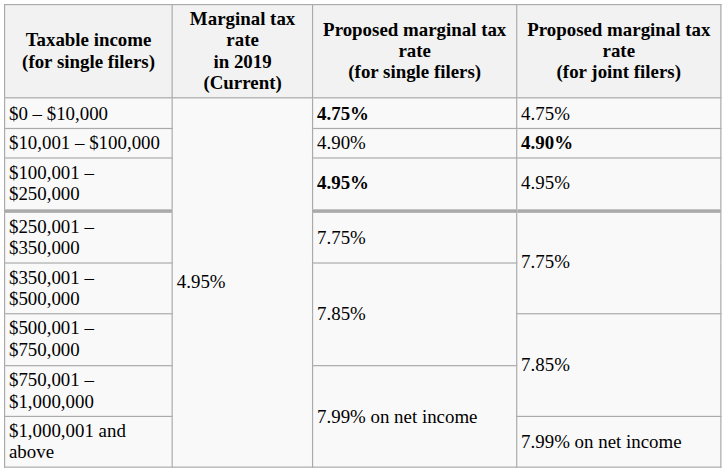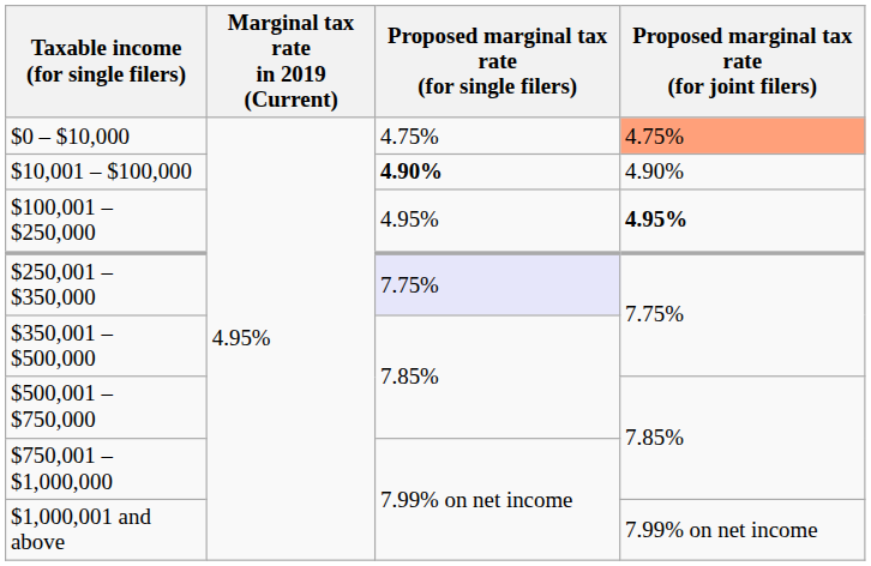 <table class="wikitable">
 <tr>
 <th>Taxable income<br>(for single filers)</th>
 <th>Marginal tax rate<br>in 2019 (Current)</th>
 <th>Proposed marginal tax rate<br>(for single filers)</th>
 <th>Proposed marginal tax rate<br>(for joint filers)</th>
 </tr>
 <tr>
 <td>$0 – $10,000</td>
 <td rowspan="8">4.95%</td>
-<td><strong>4.75%</strong></td>
 <td>4.75%</td>
+<td style="background: lightsalmon;">4.75%</td>
 </tr>
 <tr>
 <td>$10,001 – $100,000</td>
+<td><strong>4.90%</strong></td>
 <td>4.90%</td>
-<td><strong>4.90%</strong></td>
 </tr>
 <tr>
 <td style="border-style: solid black; border-width: 1px 1px 3px 1px">$100,001 – $250,000</td>
+<td style="border-style: solid black; border-width: 1px 1px 3px 1px">4.95%</td>
 <td style="border-style: solid black; border-width: 1px 1px 3px 1px"><strong>4.95%</strong></td>
-<td style="border-style: solid black; border-width: 1px 1px 3px 1px">4.95%</td>
 </tr>
 <tr>
 <td>$250,001 – $350,000</td>
-<td>7.75%</td>
+<td style="background: lavender;">7.75%</td>
 <td rowspan="2">7.75%</td>
 </tr>
 <tr>
 <td>$350,001 – $500,000</td>
 <td rowspan="2">7.85%</td>
 </tr>
 <tr>
 <td>$500,001 – $750,000</td>
 <td rowspan="2">7.85%</td>
 </tr>
 <tr>
 <td>$750,001 – $1,000,000</td>
 <td rowspan="2">7.99% on net income</td>
 </tr>
 <tr>
 <td>$1,000,001 and above</td>
 <td>7.99% on net income</td>
 </tr>
 </table>
